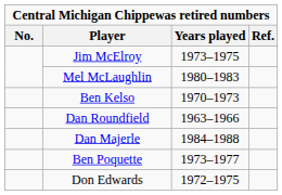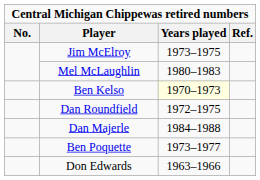 <table class="wikitable sortable" style="text-align:center">
 <tr>
 <td colspan="5"><strong>Central Michigan Chippewas retired numbers</strong></td>
 </tr>
 <tr>
 <th width=40px>No.</th>
 <th width=150px>Player</th>
 <th width=px>Years played</th>
 <th width=px>Ref.</th>
 </tr>
 <tr>
 <td rowspan=2></td>
 <td><a href='#'>Jim McElroy</a></td>
 <td>1973–1975</td>
 <td></td>
 </tr>
 <tr>
 <td><a href='#'>Mel McLaughlin</a></td>
 <td>1980–1983</td>
 <td></td>
 </tr>
 <tr>
 <td></td>
 <td><a href='#'>Ben Kelso</a></td>
-<td>1970–1973</td>
+<td style="background: lightyellow;">1970–1973</td>
 <td></td>
 </tr>
 <tr>
 <td></td>
 <td><a href='#'>Dan Roundfield</a></td>
-<td>1963–1966</td>
+<td>1972–1975</td>
 <td></td>
 </tr>
 <tr>
 <td></td>
 <td><a href='#'>Dan Majerle</a></td>
 <td>1984–1988</td>
 <td></td>
 </tr>
 <tr>
 <td></td>
 <td><a href='#'>Ben Poquette</a></td>
 <td>1973–1977</td>
 <td></td>
 </tr>
 <tr>
 <td></td>
 <td>Don Edwards</td>
-<td>1972–1975</td>
+<td>1963–1966</td>
 <td></td>
 </tr>
 </table>
